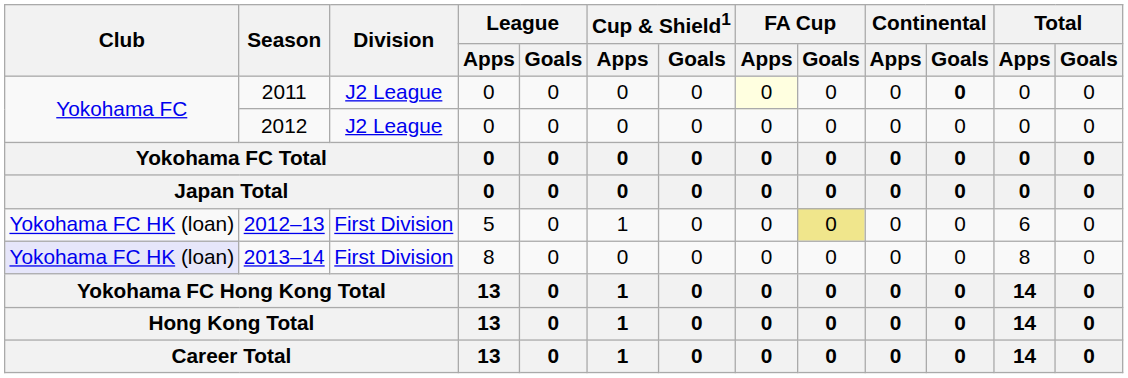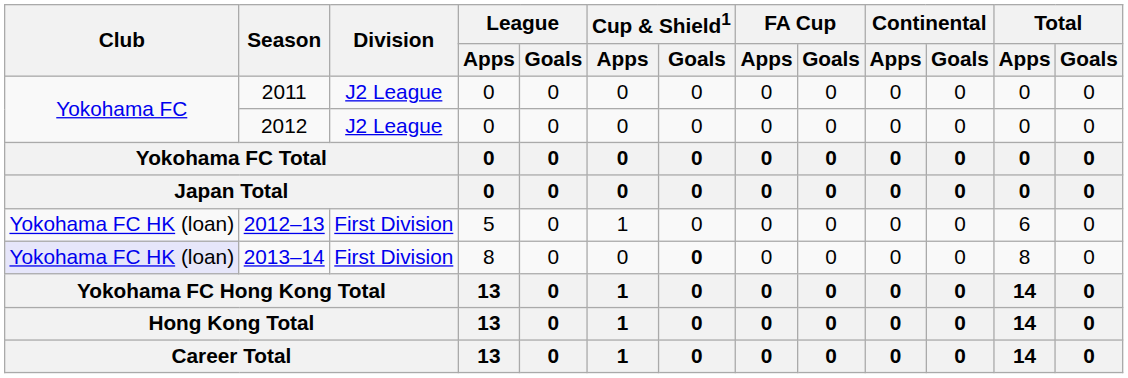 <table class="wikitable" style="text-align: center;">
 <tr>
 <th rowspan="2">Club</th>
 <th rowspan="2">Season</th>
 <th rowspan="2">Division</th>
 <th colspan="2">League</th>
 <th colspan="2">Cup & Shield<sup>1</sup></th>
 <th colspan="2">FA Cup</th>
 <th colspan="2">Continental</th>
 <th colspan="2">Total</th>
 </tr>
 <tr>
 <th>Apps</th>
 <th>Goals</th>
 <th>Apps</th>
 <th>Goals</th>
 <th>Apps</th>
 <th>Goals</th>
 <th>Apps</th>
 <th>Goals</th>
 <th>Apps</th>
 <th>Goals</th>
 </tr>
 <tr>
 <td rowspan="2" valign="center"><a href='#'>Yokohama FC</a></td>
 <td>2011</td>
 <td><a href='#'>J2 League</a></td>
 <td>0</td>
 <td>0</td>
 <td>0</td>
 <td>0</td>
-<td style="background: lightyellow;">0</td>
 <td>0</td>
 <td>0</td>
-<td><strong>0</strong></td>
+<td>0</td>
+<td>0</td>
 <td>0</td>
 <td>0</td>
 </tr>
 <tr>
 <td>2012</td>
 <td><a href='#'>J2 League</a></td>
 <td>0</td>
 <td>0</td>
 <td>0</td>
 <td>0</td>
 <td>0</td>
 <td>0</td>
 <td>0</td>
 <td>0</td>
 <td>0</td>
 <td>0</td>
 </tr>
 <tr>
 <th colspan="3">Yokohama FC Total</th>
 <th>0</th>
 <th>0</th>
 <th>0</th>
 <th>0</th>
 <th>0</th>
 <th>0</th>
 <th>0</th>
 <th>0</th>
 <th>0</th>
 <th>0</th>
 </tr>
 <tr>
 <th colspan="3">Japan Total</th>
 <th>0</th>
 <th>0</th>
 <th>0</th>
 <th>0</th>
 <th>0</th>
 <th>0</th>
 <th>0</th>
 <th>0</th>
 <th>0</th>
 <th>0</th>
 </tr>
 <tr>
 <td rowspan="1" valign="center"><a href='#'>Yokohama FC HK</a> (loan)</td>
 <td><a href='#'>2012–13</a></td>
 <td><a href='#'>First Division</a></td>
 <td>5</td>
 <td>0</td>
 <td>1</td>
 <td>0</td>
 <td>0</td>
-<td style="background: khaki;">0</td>
+<td>0</td>
 <td>0</td>
 <td>0</td>
 <td>6</td>
 <td>0</td>
 </tr>
 <tr>
 <td rowspan="1" valign="center" style="background: lavender;"><a href='#'>Yokohama FC HK</a> (loan)</td>
 <td><a href='#'>2013–14</a></td>
 <td><a href='#'>First Division</a></td>
 <td>8</td>
 <td>0</td>
 <td>0</td>
-<td>0</td>
+<td><strong>0</strong></td>
 <td>0</td>
 <td>0</td>
 <td>0</td>
 <td>0</td>
 <td>8</td>
 <td>0</td>
 </tr>
 <tr>
 <th colspan="3">Yokohama FC Hong Kong Total</th>
 <th>13</th>
 <th>0</th>
 <th>1</th>
 <th>0</th>
 <th>0</th>
 <th>0</th>
 <th>0</th>
 <th>0</th>
 <th>14</th>
 <th>0</th>
 </tr>
 <tr>
 <th colspan="3">Hong Kong Total</th>
 <th>13</th>
 <th>0</th>
 <th>1</th>
 <th>0</th>
 <th>0</th>
 <th>0</th>
 <th>0</th>
 <th>0</th>
 <th>14</th>
 <th>0</th>
 </tr>
 <tr>
 <th colspan="3">Career Total</th>
 <th>13</th>
 <th>0</th>
 <th>1</th>
 <th>0</th>
 <th>0</th>
 <th>0</th>
 <th>0</th>
 <th>0</th>
 <th>14</th>
 <th>0</th>
 </tr>
 </table>
